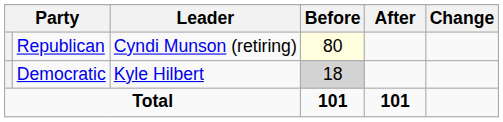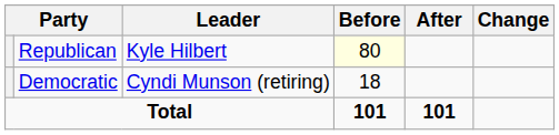 <table class="wikitable" style="text-align:center;">
 <tr>
 </tr>
 <tr>
 <th colspan="2">Party</th>
 <th>Leader</th>
 <th style="width:3em">Before</th>
 <th style="width:3em">After</th>
 <th style="width:3em">Change</th>
 </tr>
 <tr>
 <th style="background-color:"></th>
 <td style="text-align:left;"><a href='#'>Republican</a></td>
-<td style="text-align:left;"><a href='#'>Cyndi Munson</a> (retiring)</td>
+<td style="text-align:left;"><a href='#'>Kyle Hilbert</a></td>
 <td style="background: lightyellow;">80</td>
 <td></td>
 <td></td>
 </tr>
 <tr>
 <th style="background-color:"></th>
 <td style="text-align:left;"><a href='#'>Democratic</a></td>
-<td style="text-align:left;"><a href='#'>Kyle Hilbert</a></td>
-<td style="background: lightgrey;">18</td>
+<td style="text-align:left;"><a href='#'>Cyndi Munson</a> (retiring)</td>
+<td>18</td>
 <td></td>
 <td></td>
 </tr>
 <tr>
 <td colspan="3"><strong>Total</strong></td>
 <td><strong>101</strong></td>
 <td><strong>101</strong></td>
 <td></td>
 </tr>
 </table>
